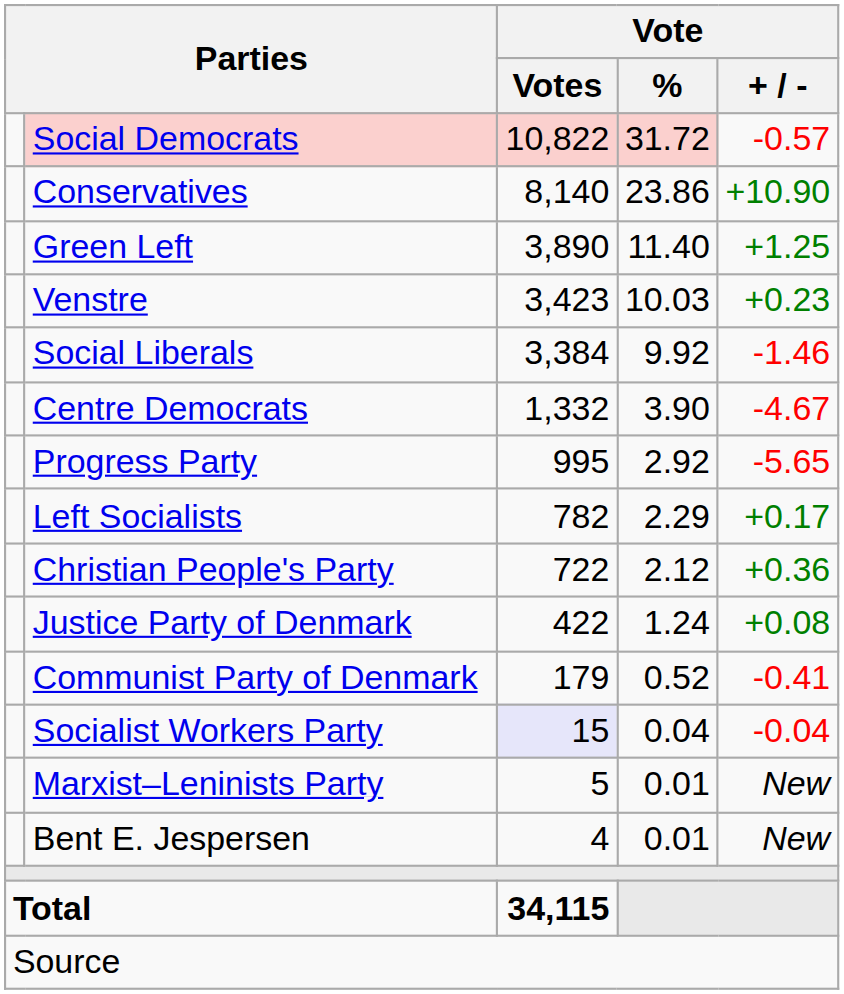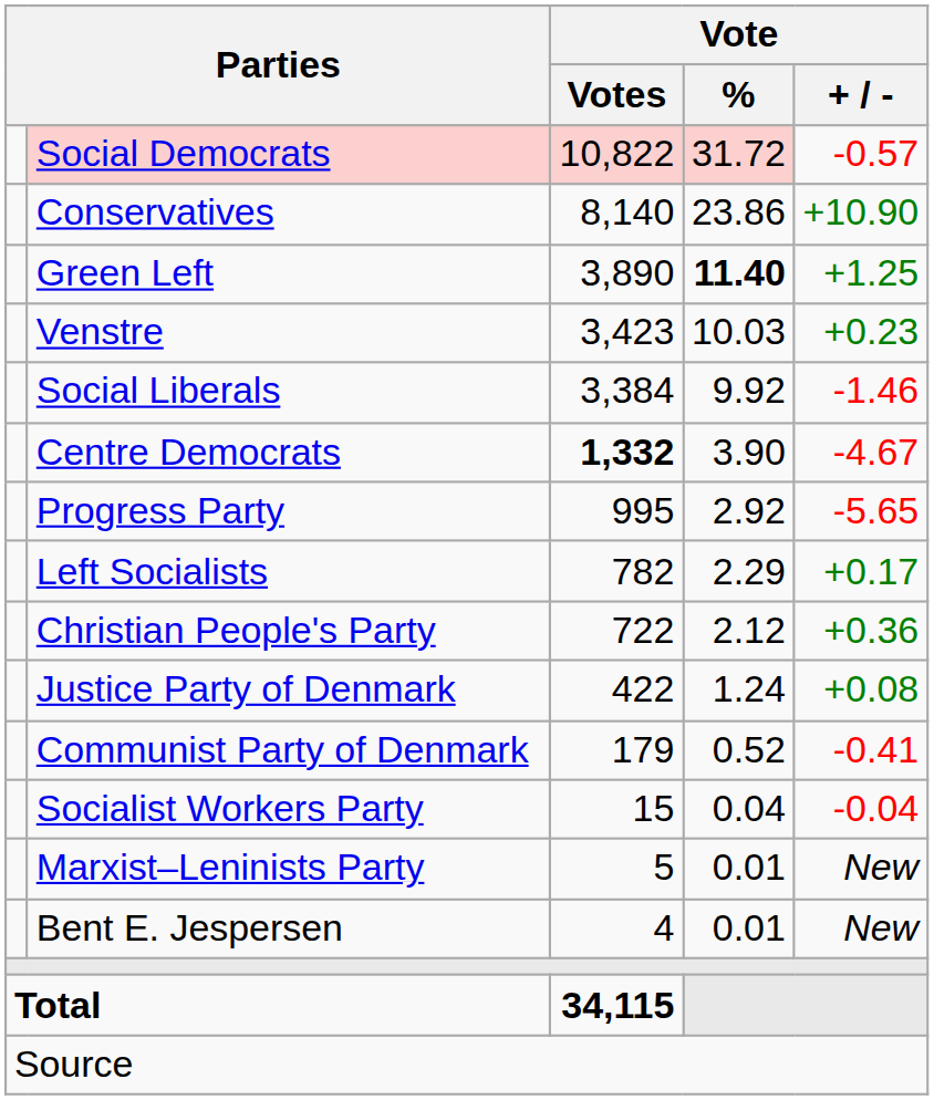 <table class="wikitable" style="text-align:right;">
 <tr>
 <th style="text-align:centre;" rowspan="2" colspan="2" width="225">Parties</th>
 <th colspan="3">Vote</th>
 </tr>
 <tr>
 <th width="15">Votes</th>
 <th width="15">%</th>
 <th width="15">+ / -</th>
 </tr>
 <tr>
 <td width="2" style="color:inherit;background:"></td>
 <td bgcolor=#fbd0ce  align="left"><a href='#'>Social Democrats</a></td>
 <td bgcolor=#fbd0ce>10,822</td>
 <td bgcolor=#fbd0ce>31.72</td>
 <td style=color:red;>-0.57</td>
 </tr>
 <tr>
 <td width="2" style="color:inherit;background:"></td>
 <td align="left"><a href='#'>Conservatives</a></td>
 <td>8,140</td>
 <td>23.86</td>
 <td style=color:green;>+10.90</td>
 </tr>
 <tr>
 <td width="2" style="color:inherit;background:"></td>
 <td align="left"><a href='#'>Green Left</a></td>
 <td>3,890</td>
-<td>11.40</td>
+<td><strong>11.40</strong></td>
 <td style=color:green;>+1.25</td>
 </tr>
 <tr>
 <td width="2" style="color:inherit;background:"></td>
 <td align="left"><a href='#'>Venstre</a></td>
 <td>3,423</td>
 <td>10.03</td>
 <td style=color:green;>+0.23</td>
 </tr>
 <tr>
 <td width="2" style="color:inherit;background:"></td>
 <td align="left"><a href='#'>Social Liberals</a></td>
 <td>3,384</td>
 <td>9.92</td>
 <td style=color:red;>-1.46</td>
 </tr>
 <tr>
 <td width="2" style="color:inherit;background:"></td>
 <td align="left"><a href='#'>Centre Democrats</a></td>
-<td>1,332</td>
+<td><strong>1,332</strong></td>
 <td>3.90</td>
 <td style=color:red;>-4.67</td>
 </tr>
 <tr>
 <td width="2" style="color:inherit;background:"></td>
 <td align="left"><a href='#'>Progress Party</a></td>
 <td>995</td>
 <td>2.92</td>
 <td style=color:red;>-5.65</td>
 </tr>
 <tr>
 <td width="2" style="color:inherit;background:"></td>
 <td align="left"><a href='#'>Left Socialists</a></td>
 <td>782</td>
 <td>2.29</td>
 <td style=color:green;>+0.17</td>
 </tr>
 <tr>
 <td width="2" style="color:inherit;background:"></td>
 <td align="left"><a href='#'>Christian People's Party</a></td>
 <td>722</td>
 <td>2.12</td>
 <td style=color:green;>+0.36</td>
 </tr>
 <tr>
 <td width="2" style="color:inherit;background:"></td>
 <td align="left"><a href='#'>Justice Party of Denmark</a></td>
 <td>422</td>
 <td>1.24</td>
 <td style=color:green;>+0.08</td>
 </tr>
 <tr>
 <td width="2" style="color:inherit;background:"></td>
 <td align="left"><a href='#'>Communist Party of Denmark</a></td>
 <td>179</td>
 <td>0.52</td>
 <td style=color:red;>-0.41</td>
 </tr>
 <tr>
 <td width="2" style="color:inherit;background:"></td>
 <td align="left"><a href='#'>Socialist Workers Party</a></td>
-<td style="background: lavender;">15</td>
+<td>15</td>
 <td>0.04</td>
 <td style=color:red;>-0.04</td>
 </tr>
 <tr>
 <td width="2" style="color:inherit;background:"></td>
 <td align="left"><a href='#'>Marxist–Leninists Party</a></td>
 <td>5</td>
 <td>0.01</td>
 <td><em>New</em></td>
 </tr>
 <tr>
 <td width="2" style="color:inherit;background:"></td>
 <td align="left">Bent E.  Jespersen</td>
 <td>4</td>
 <td>0.01</td>
 <td><em>New</em></td>
 </tr>
 <tr>
 <td colspan="7" bgcolor="#E9E9E9"></td>
 </tr>
 <tr>
 <td align="left" colspan="2"><strong>Total</strong></td>
 <td><strong>34,115</strong></td>
 <td bgcolor="#E9E9E9" colspan="2"></td>
 </tr>
 <tr>
 <td align="left" colspan="6">Source</td>
 </tr>
 </table>
